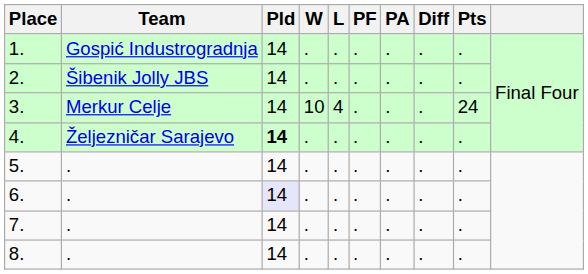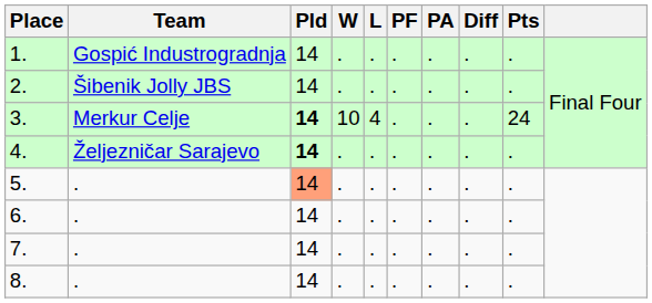 <table class="wikitable">
 <tr>
 <th>Place</th>
 <th>Team</th>
 <th>Pld</th>
 <th>W</th>
 <th>L</th>
 <th>PF</th>
 <th>PA</th>
 <th>Diff</th>
 <th>Pts</th>
 <th></th>
 </tr>
 <tr bgcolor=#ccffcc>
 <td>1.</td>
 <td> <a href='#'>Gospić Industrogradnja</a></td>
 <td>14</td>
 <td>.</td>
 <td>.</td>
 <td>.</td>
 <td>.</td>
 <td>.</td>
 <td>.</td>
 <td rowspan="4">Final Four</td>
 </tr>
 <tr bgcolor=#ccffcc>
 <td>2.</td>
 <td> <a href='#'>Šibenik Jolly JBS</a></td>
 <td>14</td>
 <td>.</td>
 <td>.</td>
 <td>.</td>
 <td>.</td>
 <td>.</td>
 <td>.</td>
 </tr>
 <tr bgcolor=#ccffcc>
 <td>3.</td>
 <td> <a href='#'>Merkur Celje</a></td>
-<td>14</td>
+<td><strong>14</strong></td>
 <td>10</td>
 <td>4</td>
 <td>.</td>
 <td>.</td>
 <td>.</td>
 <td>24</td>
 </tr>
 <tr bgcolor=#ccffcc>
 <td>4.</td>
 <td> <a href='#'>Željezničar Sarajevo</a></td>
 <td><strong>14</strong></td>
 <td>.</td>
 <td>.</td>
 <td>.</td>
 <td>.</td>
 <td>.</td>
 <td>.</td>
 </tr>
 <tr>
 <td>5.</td>
 <td>.</td>
-<td>14</td>
+<td style="background: lightsalmon;">14</td>
 <td>.</td>
 <td>.</td>
 <td>.</td>
 <td>.</td>
 <td>.</td>
 <td>.</td>
 <td rowspan="4"></td>
 </tr>
 <tr>
 <td>6.</td>
 <td>.</td>
-<td style="background: lavender;">14</td>
+<td>14</td>
 <td>.</td>
 <td>.</td>
 <td>.</td>
 <td>.</td>
 <td>.</td>
 <td>.</td>
 </tr>
 <tr>
 <td>7.</td>
 <td>.</td>
 <td>14</td>
 <td>.</td>
 <td>.</td>
 <td>.</td>
 <td>.</td>
 <td>.</td>
 <td>.</td>
 </tr>
 <tr>
 <td>8.</td>
 <td>.</td>
 <td>14</td>
 <td>.</td>
 <td>.</td>
 <td>.</td>
 <td>.</td>
 <td>.</td>
 <td>.</td>
 </tr>
 </table>
